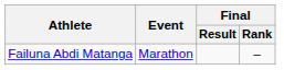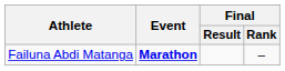 <table class="wikitable" style="font-size:90%">
 <tr>
 <th rowspan="2">Athlete</th>
 <th rowspan="2">Event</th>
 <th colspan="2">Final</th>
 </tr>
 <tr style="font-size:95%">
 <th>Result</th>
 <th>Rank</th>
 </tr>
 <tr style=text-align:center>
 <td style=text-align:left><a href='#'>Failuna Abdi Matanga</a></td>
-<td style=text-align:left><a href='#'>Marathon</a></td>
+<td style=text-align:left><strong><a href='#'>Marathon</a></strong></td>
 <td></td>
 <td>–</td>
 </tr>
 </table>
